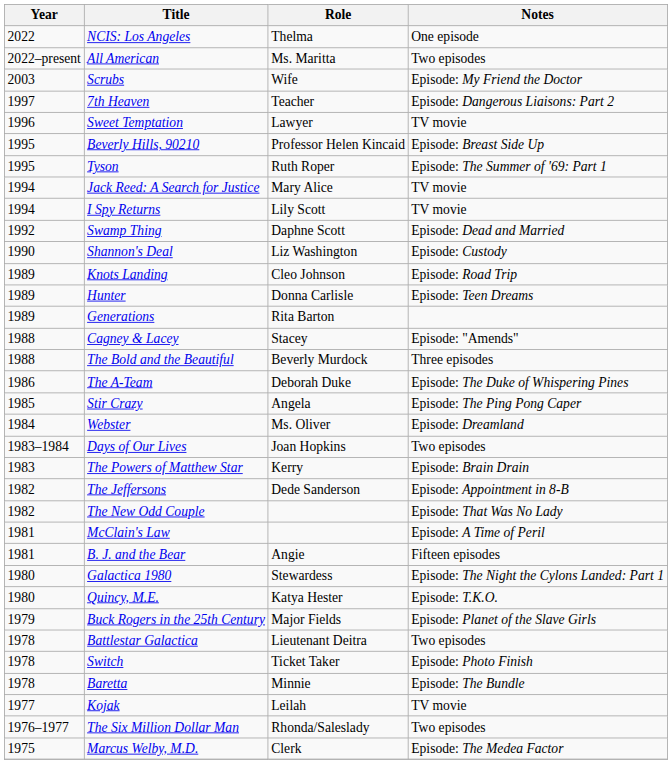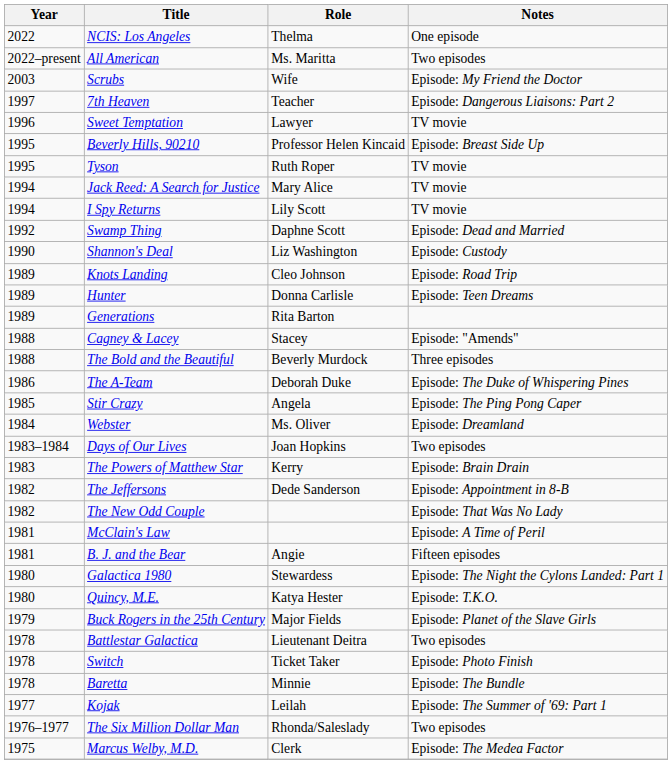 <table class="wikitable sortable">
 <tr>
 <th>Year</th>
 <th>Title</th>
 <th>Role</th>
 <th class="unsortable">Notes</th>
 </tr>
 <tr>
 <td>2022</td>
 <td><em><a href='#'>NCIS: Los Angeles</a></em></td>
 <td>Thelma</td>
 <td>One episode</td>
 </tr>
 <tr>
 <td>2022–present</td>
 <td><em><a href='#'>All American</a></em></td>
 <td>Ms. Maritta</td>
 <td>Two episodes</td>
 </tr>
 <tr>
 <td>2003</td>
 <td><em><a href='#'>Scrubs</a></em></td>
 <td>Wife</td>
 <td>Episode: <em>My Friend the Doctor</em></td>
 </tr>
 <tr>
 <td>1997</td>
 <td><em><a href='#'>7th Heaven</a></em></td>
 <td>Teacher</td>
 <td>Episode: <em>Dangerous Liaisons: Part 2</em></td>
 </tr>
 <tr>
 <td>1996</td>
 <td><em><a href='#'>Sweet Temptation</a></em></td>
 <td>Lawyer</td>
 <td>TV movie</td>
 </tr>
 <tr>
 <td>1995</td>
 <td><em><a href='#'>Beverly Hills, 90210</a></em></td>
 <td>Professor Helen Kincaid</td>
 <td>Episode: <em>Breast Side Up</em></td>
 </tr>
 <tr>
 <td>1995</td>
 <td><em><a href='#'>Tyson</a></em></td>
 <td>Ruth Roper</td>
-<td>Episode: <em>The Summer of '69: Part 1</em></td>
+<td>TV movie</td>
 </tr>
 <tr>
 <td>1994</td>
 <td><em><a href='#'>Jack Reed: A Search for Justice</a></em></td>
 <td>Mary Alice</td>
 <td>TV movie</td>
 </tr>
 <tr>
 <td>1994</td>
 <td><em><a href='#'>I Spy Returns</a></em></td>
 <td>Lily Scott</td>
 <td>TV movie</td>
 </tr>
 <tr>
 <td>1992</td>
 <td><em><a href='#'>Swamp Thing</a></em></td>
 <td>Daphne Scott</td>
 <td>Episode: <em>Dead and Married</em></td>
 </tr>
 <tr>
 <td>1990</td>
 <td><em><a href='#'>Shannon's Deal</a></em></td>
 <td>Liz Washington</td>
 <td>Episode: <em>Custody</em></td>
 </tr>
 <tr>
 <td>1989</td>
 <td><em><a href='#'>Knots Landing</a></em></td>
 <td>Cleo Johnson</td>
 <td>Episode: <em>Road Trip</em></td>
 </tr>
 <tr>
 <td>1989</td>
 <td><em><a href='#'>Hunter</a></em></td>
 <td>Donna Carlisle</td>
 <td>Episode: <em>Teen Dreams</em></td>
 </tr>
 <tr>
 <td>1989</td>
 <td><em><a href='#'>Generations</a></em></td>
 <td>Rita Barton</td>
 <td></td>
 </tr>
 <tr>
 <td>1988</td>
 <td><em><a href='#'>Cagney & Lacey</a></em></td>
 <td>Stacey</td>
 <td>Episode: "Amends"</td>
 </tr>
 <tr>
 <td>1988</td>
 <td><em><a href='#'>The Bold and the Beautiful</a></em></td>
 <td>Beverly Murdock</td>
 <td>Three episodes</td>
 </tr>
 <tr>
 <td>1986</td>
 <td><em><a href='#'>The A-Team</a></em></td>
 <td>Deborah Duke</td>
 <td>Episode: <em>The Duke of Whispering Pines</em></td>
 </tr>
 <tr>
 <td>1985</td>
 <td><em><a href='#'>Stir Crazy</a></em></td>
 <td>Angela</td>
 <td>Episode: <em>The Ping Pong Caper</em></td>
 </tr>
 <tr>
 <td>1984</td>
 <td><em><a href='#'>Webster</a></em></td>
 <td>Ms. Oliver</td>
 <td>Episode: <em>Dreamland</em></td>
 </tr>
 <tr>
 <td>1983–1984</td>
 <td><em><a href='#'>Days of Our Lives</a></em></td>
 <td>Joan Hopkins</td>
 <td>Two episodes</td>
 </tr>
 <tr>
 <td>1983</td>
 <td><em><a href='#'>The Powers of Matthew Star</a></em></td>
 <td>Kerry</td>
 <td>Episode: <em>Brain Drain</em></td>
 </tr>
 <tr>
 <td>1982</td>
 <td><em><a href='#'>The Jeffersons</a></em></td>
 <td>Dede Sanderson</td>
 <td>Episode: <em>Appointment in 8-B</em></td>
 </tr>
 <tr>
 <td>1982</td>
 <td><em><a href='#'>The New Odd Couple</a></em></td>
 <td></td>
 <td>Episode: <em>That Was No Lady</em></td>
 </tr>
 <tr>
 <td>1981</td>
 <td><em><a href='#'>McClain's Law</a></em></td>
 <td></td>
 <td>Episode: <em>A Time of Peril</em></td>
 </tr>
 <tr>
 <td>1981</td>
 <td><em><a href='#'>B. J. and the Bear</a></em></td>
 <td>Angie</td>
 <td>Fifteen episodes</td>
 </tr>
 <tr>
 <td>1980</td>
 <td><em><a href='#'>Galactica 1980</a></em></td>
 <td>Stewardess</td>
 <td>Episode: <em>The Night the Cylons Landed: Part 1</em></td>
 </tr>
 <tr>
 <td>1980</td>
 <td><em><a href='#'>Quincy, M.E.</a></em></td>
 <td>Katya Hester</td>
 <td>Episode: <em>T.K.O.</em></td>
 </tr>
 <tr>
 <td>1979</td>
 <td><em><a href='#'>Buck Rogers in the 25th Century</a></em></td>
 <td>Major Fields</td>
 <td>Episode: <em>Planet of the Slave Girls</em></td>
 </tr>
 <tr>
 <td>1978</td>
 <td><em><a href='#'>Battlestar Galactica</a></em></td>
 <td>Lieutenant Deitra</td>
 <td>Two episodes</td>
 </tr>
 <tr>
 <td>1978</td>
 <td><em><a href='#'>Switch</a></em></td>
 <td>Ticket Taker</td>
 <td>Episode: <em>Photo Finish</em></td>
 </tr>
 <tr>
 <td>1978</td>
 <td><em><a href='#'>Baretta</a></em></td>
 <td>Minnie</td>
 <td>Episode: <em>The Bundle</em></td>
 </tr>
 <tr>
 <td>1977</td>
 <td><em><a href='#'>Kojak</a></em></td>
 <td>Leilah</td>
-<td>TV movie</td>
+<td>Episode: <em>The Summer of '69: Part 1</em></td>
 </tr>
 <tr>
 <td>1976–1977</td>
 <td><em><a href='#'>The Six Million Dollar Man</a></em></td>
 <td>Rhonda/Saleslady</td>
 <td>Two episodes</td>
 </tr>
 <tr>
 <td>1975</td>
 <td><em><a href='#'>Marcus Welby, M.D.</a></em></td>
 <td>Clerk</td>
 <td>Episode: <em>The Medea Factor</em></td>
 </tr>
 <tr>
 </tr>
 </table>
